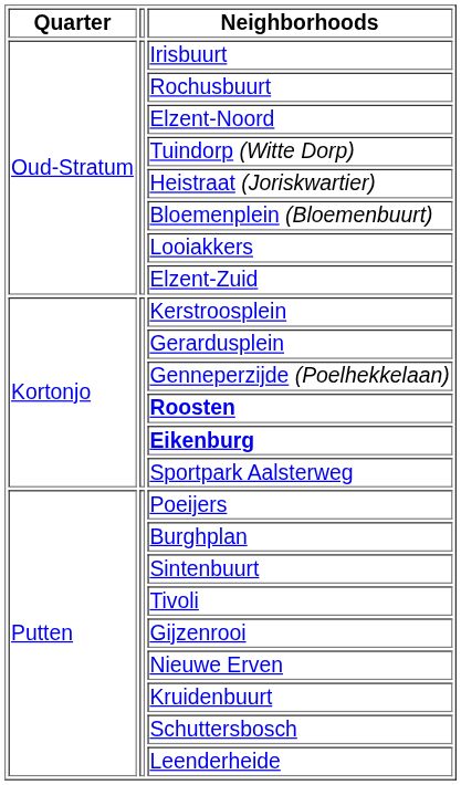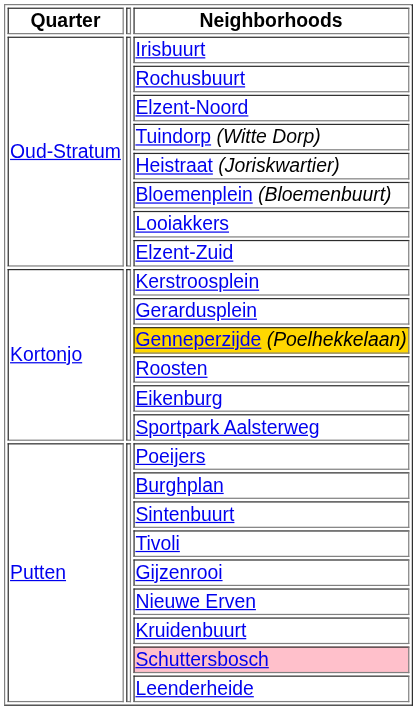 <table border=1>
 <tr>
 <th>Quarter</th>
 <th></th>
 <th>Neighborhoods</th>
 </tr>
 <tr>
 <td rowspan=8><a href='#'>Oud-Stratum</a></td>
 <td rowspan=8></td>
 <td><a href='#'>Irisbuurt</a></td>
 </tr>
 <tr>
 <td><a href='#'>Rochusbuurt</a></td>
 </tr>
 <tr>
 <td><a href='#'>Elzent-Noord</a></td>
 </tr>
 <tr>
 <td><a href='#'>Tuindorp</a> <em>(Witte Dorp)</em></td>
 </tr>
 <tr>
 <td><a href='#'>Heistraat</a> <em>(Joriskwartier)</em></td>
 </tr>
 <tr>
 <td><a href='#'>Bloemenplein</a> <em>(Bloemenbuurt)</em></td>
 </tr>
 <tr>
 <td><a href='#'>Looiakkers</a></td>
 </tr>
 <tr>
 <td><a href='#'>Elzent-Zuid</a></td>
 </tr>
 <tr>
 <td rowspan=6><a href='#'>Kortonjo</a></td>
 <td rowspan=6></td>
 <td><a href='#'>Kerstroosplein</a></td>
 </tr>
 <tr>
 <td><a href='#'>Gerardusplein</a></td>
 </tr>
 <tr>
-<td><a href='#'>Genneperzijde</a> <em>(Poelhekkelaan)</em></td>
+<td style="background: gold;"><a href='#'>Genneperzijde</a> <em>(Poelhekkelaan)</em></td>
 </tr>
 <tr>
-<td><strong><a href='#'>Roosten</a></strong></td>
+<td><a href='#'>Roosten</a></td>
 </tr>
 <tr>
-<td><strong><a href='#'>Eikenburg</a></strong></td>
+<td><a href='#'>Eikenburg</a></td>
 </tr>
 <tr>
 <td><a href='#'>Sportpark Aalsterweg</a></td>
 </tr>
 <tr>
 <td rowspan=9><a href='#'>Putten</a></td>
 <td rowspan=9></td>
 <td><a href='#'>Poeijers</a></td>
 </tr>
 <tr>
 <td><a href='#'>Burghplan</a></td>
 </tr>
 <tr>
 <td><a href='#'>Sintenbuurt</a></td>
 </tr>
 <tr>
 <td><a href='#'>Tivoli</a></td>
 </tr>
 <tr>
 <td><a href='#'>Gijzenrooi</a></td>
 </tr>
 <tr>
 <td><a href='#'>Nieuwe Erven</a></td>
 </tr>
 <tr>
 <td><a href='#'>Kruidenbuurt</a></td>
 </tr>
 <tr>
-<td><a href='#'>Schuttersbosch</a></td>
+<td style="background: pink;"><a href='#'>Schuttersbosch</a></td>
 </tr>
 <tr>
 <td><a href='#'>Leenderheide</a></td>
 </tr>
 </table>
